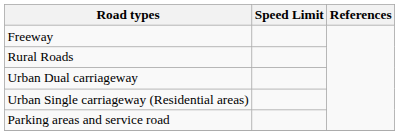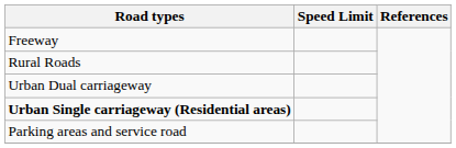 <table class="wikitable">
 <tr>
 <th>Road types</th>
 <th>Speed Limit</th>
 <th>References</th>
 </tr>
 <tr>
 <td>Freeway</td>
 <td></td>
 <td rowspan=5></td>
 </tr>
 <tr>
 <td>Rural Roads</td>
 <td></td>
 </tr>
 <tr>
 <td>Urban Dual carriageway</td>
 <td></td>
 </tr>
 <tr>
-<td>Urban Single carriageway (Residential areas)</td>
+<td><strong>Urban Single carriageway (Residential areas)</strong></td>
 <td></td>
 </tr>
 <tr>
 <td>Parking areas and service road</td>
 <td></td>
 </tr>
 <tr>
 </tr>
 </table>
